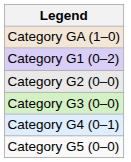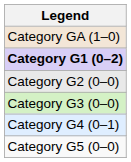 <table class=wikitable style=font-size:97%>
 <tr>
 <th>Legend</th>
 </tr>
 <tr bgcolor=F3E6D7>
 <td>Category GA (1–0)</td>
 </tr>
 <tr bgcolor=d8cef6>
-<td>Category G1 (0–2)</td>
+<td><strong>Category G1 (0–2)</strong></td>
 </tr>
 <tr bgcolor=e9e9e9>
 <td>Category G2 (0–0)</td>
 </tr>
 <tr bgcolor=D4F1C5>
 <td>Category G3 (0–0)</td>
 </tr>
 <tr bgcolor=dfeeff>
 <td>Category G4 (0–1)</td>
 </tr>
 <tr>
 <td>Category G5 (0–0)</td>
 </tr>
 </table>
